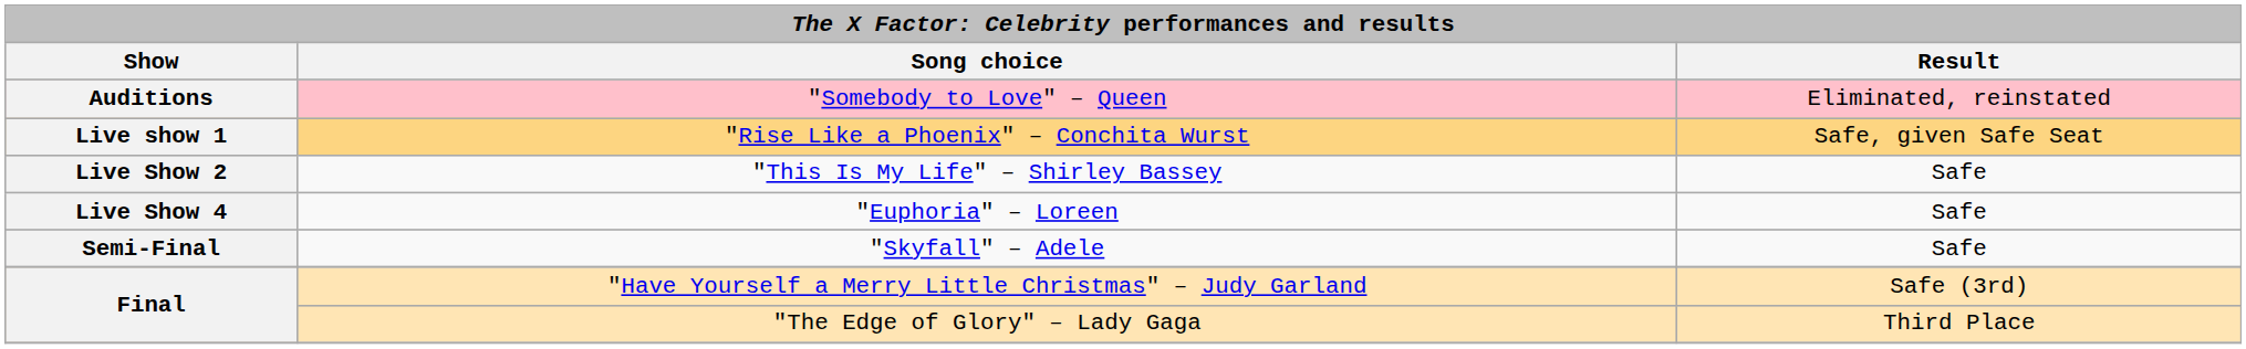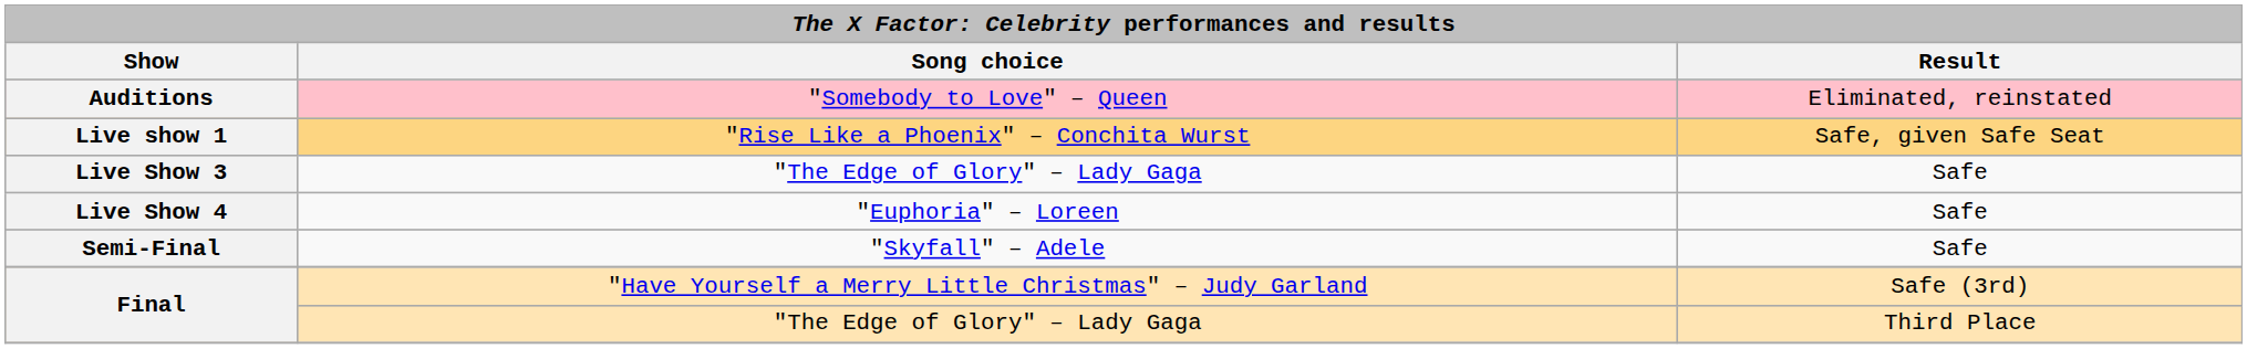 <table class="wikitable collapsible collapsed" style="width:100%; margin:1em auto 1em auto; text-align:center;">
 <tr>
 <th colspan="3" style="background:#BFBFBF;"><em>The X Factor: Celebrity</em> performances and results</th>
 </tr>
 <tr>
 <th style="text-align:centre;">Show</th>
 <th style="text-align:centre;">Song choice</th>
 <th style="text-align:centre;">Result</th>
 </tr>
 <tr style="background:pink;">
 <th>Auditions</th>
 <td>"<a href='#'>Somebody to Love</a>" – <a href='#'>Queen</a></td>
 <td>Eliminated, reinstated</td>
 </tr>
 <tr style="background:#fdd581;">
 <th>Live show 1</th>
 <td>"<a href='#'>Rise Like a Phoenix</a>" – <a href='#'>Conchita Wurst</a></td>
 <td>Safe, given Safe Seat</td>
 </tr>
 <tr>
-<th>Live Show 2</th>
-<td>"<a href='#'>This Is My Life</a>" – <a href='#'>Shirley Bassey</a></td>
+<th>Live Show 3</th>
+<td>"<a href='#'>The Edge of Glory</a>" – <a href='#'>Lady Gaga</a></td>
 <td>Safe</td>
 </tr>
 <tr>
 <th>Live Show 4</th>
 <td>"<a href='#'>Euphoria</a>" – <a href='#'>Loreen</a></td>
 <td>Safe</td>
 </tr>
 <tr>
 <th>Semi-Final</th>
 <td>"<a href='#'>Skyfall</a>" – <a href='#'>Adele</a></td>
 <td>Safe</td>
 </tr>
 <tr>
 </tr>
 <tr>
 </tr>
 <tr style="background:#FFE5B4;">
 <th scope="row" rowspan="2">Final</th>
 <td>"<a href='#'>Have Yourself a Merry Little Christmas</a>" – <a href='#'>Judy Garland</a></td>
 <td>Safe (3rd)</td>
 </tr>
 <tr style="background:#FFE5B4;">
 <td>"The Edge of Glory" – Lady Gaga</td>
 <td>Third Place</td>
 </tr>
 <tr>
 </tr>
 </table>
